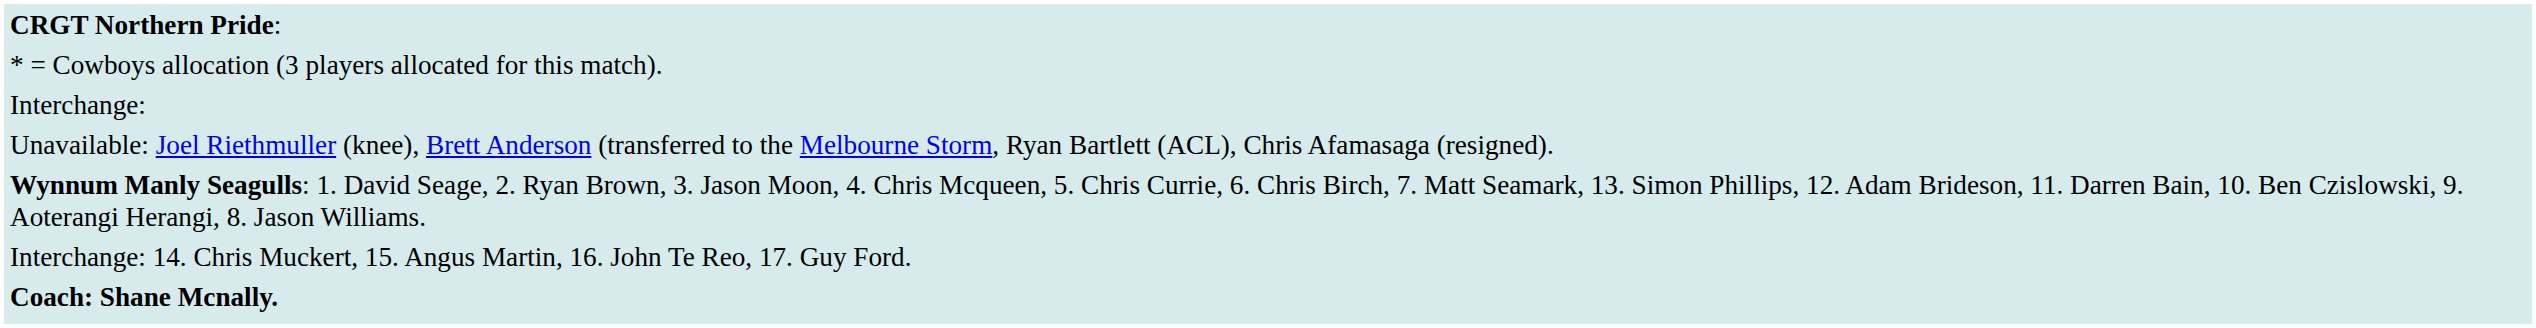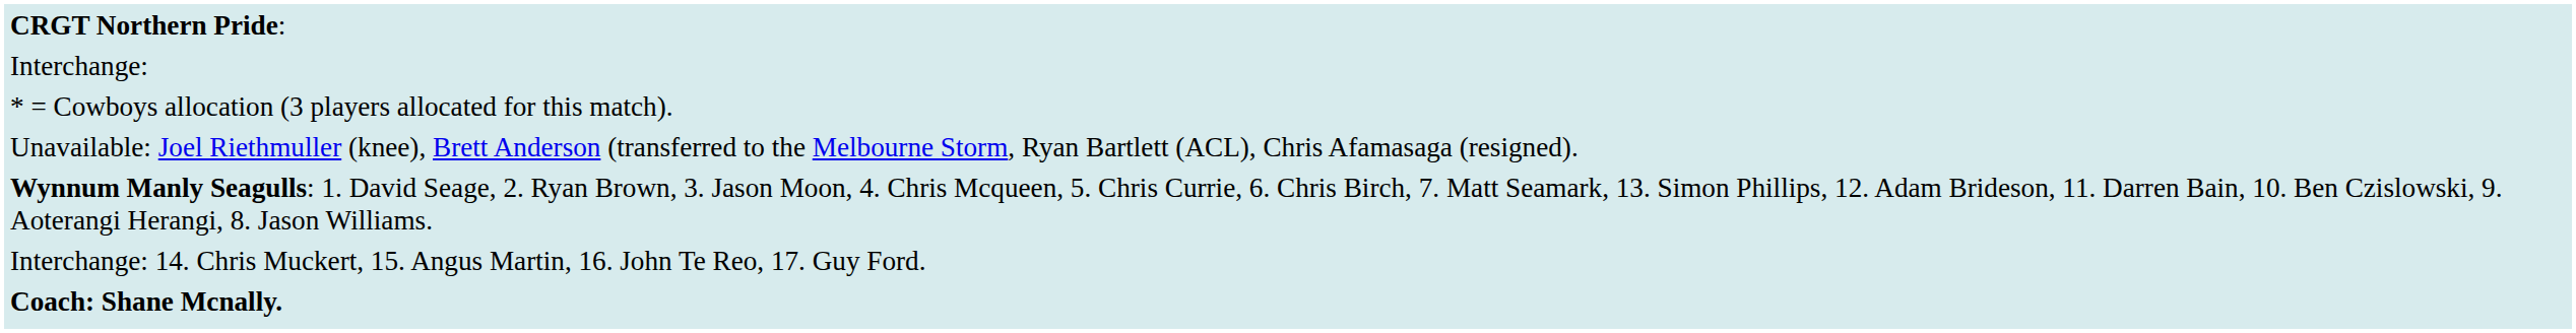 <table style="background:#d7ebed; font-size:85%; width:100%;">
 <tr>
 <td><strong>CRGT Northern Pride</strong>:             </td>
 </tr>
 <tr>
-<td>* = Cowboys allocation (3 players allocated for this match).</td>
+<td>Interchange:    </td>
 </tr>
 <tr>
-<td>Interchange:    </td>
+<td>* = Cowboys allocation (3 players allocated for this match).</td>
 </tr>
 <tr>
 <td>Unavailable: <a href='#'>Joel Riethmuller</a> (knee), <a href='#'>Brett Anderson</a> (transferred to the <a href='#'>Melbourne Storm</a>, Ryan Bartlett (ACL), Chris Afamasaga (resigned).</td>
 </tr>
 <tr>
 <td><strong>Wynnum Manly Seagulls</strong>: 1. David Seage, 2. Ryan Brown, 3. Jason Moon, 4. Chris Mcqueen, 5. Chris Currie, 6. Chris Birch, 7. Matt Seamark, 13. Simon Phillips, 12. Adam Brideson, 11. Darren Bain, 10. Ben Czislowski, 9. Aoterangi Herangi, 8. Jason Williams.</td>
 </tr>
 <tr>
 <td>Interchange: 14. Chris Muckert, 15. Angus Martin, 16. John Te Reo, 17. Guy Ford.</td>
 </tr>
 <tr>
 <td><strong>Coach: Shane Mcnally.</strong></td>
 </tr>
 <tr>
 </tr>
 </table>
